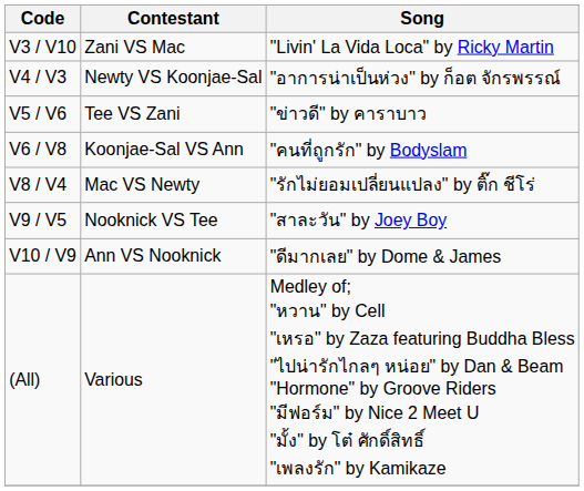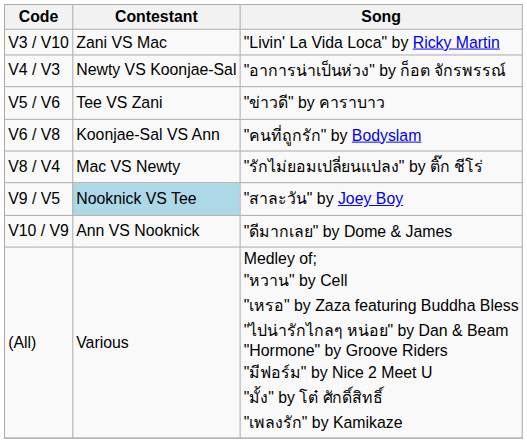 <table class="wikitable">
 <tr>
 <th>Code</th>
 <th>Contestant</th>
 <th>Song</th>
 </tr>
 <tr>
 <td>V3 / V10</td>
 <td>Zani VS Mac</td>
 <td>"Livin' La Vida Loca" by <a href='#'>Ricky Martin</a></td>
 </tr>
 <tr>
 <td>V4 / V3</td>
 <td>Newty VS Koonjae-Sal</td>
 <td>"อาการน่าเป็นห่วง" by ก็อต จักรพรรณ์</td>
 </tr>
 <tr>
 <td>V5 / V6</td>
 <td>Tee VS Zani</td>
 <td>"ข่าวดี" by คาราบาว</td>
 </tr>
 <tr>
 <td>V6 / V8</td>
 <td>Koonjae-Sal VS Ann</td>
 <td>"คนที่ถูกรัก" by <a href='#'>Bodyslam</a></td>
 </tr>
 <tr>
 <td>V8 / V4</td>
 <td>Mac VS Newty</td>
 <td>"รักไม่ยอมเปลี่ยนแปลง" by ติ๊ก ชีโร่</td>
 </tr>
 <tr>
 <td>V9 / V5</td>
-<td>Nooknick VS Tee</td>
+<td style="background: lightblue;">Nooknick VS Tee</td>
 <td>"สาละวัน" by <a href='#'>Joey Boy</a></td>
 </tr>
 <tr>
 <td>V10 / V9</td>
 <td>Ann VS Nooknick</td>
 <td>"ดีมากเลย" by Dome & James</td>
 </tr>
 <tr>
 <td>(All)</td>
 <td>Various</td>
 <td>Medley of;<br>"หวาน" by Cell<br> "เหรอ" by Zaza featuring Buddha Bless<br> "ไปน่ารักไกลๆ หน่อย" by Dan & Beam<br> "Hormone" by Groove Riders<br> "มีฟอร์ม" by Nice 2 Meet U<br> "มั้ง" by โต๋ ศักดิ์สิทธิ์<br> "เพลงรัก" by Kamikaze</td>
 </tr>
 <tr>
 </tr>
 </table>
